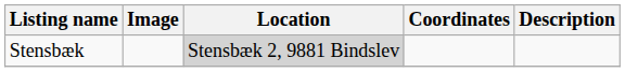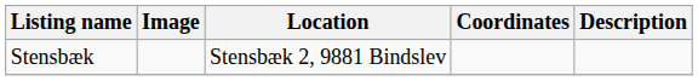 <table class="wikitable sortable">
 <tr>
 <th>Listing name</th>
 <th>Image</th>
 <th>Location</th>
 <th>Coordinates</th>
 <th>Description</th>
 </tr>
 <tr>
 <td>Stensbæk</td>
 <td></td>
-<td style="background: lightgrey;">Stensbæk 2, 9881 Bindslev</td>
+<td>Stensbæk 2, 9881 Bindslev</td>
 <td></td>
 <td></td>
 </tr>
 <tr>
 </tr>
 </table>
